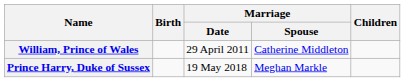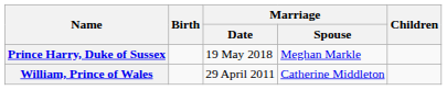 <table class="wikitable plainrowheaders">
 <tr>
 <th rowspan="2" scope="col">Name</th>
 <th rowspan="2" scope="col">Birth</th>
 <th colspan="2" scope="col">Marriage</th>
 <th rowspan="2" scope="col">Children</th>
 </tr>
 <tr>
 <th scope="col">Date</th>
 <th scope="col">Spouse</th>
 </tr>
 <tr>
+<th scope="row"><a href='#'>Prince Harry, Duke of Sussex</a></th>
+<td></td>
+<td>19 May 2018</td>
+<td><a href='#'>Meghan Markle</a></td>
+<td></td>
+</tr>
+<tr>
 <th scope="row"><a href='#'>William, Prince of Wales</a></th>
 <td></td>
 <td>29 April 2011</td>
 <td><a href='#'>Catherine Middleton</a></td>
 <td></td>
 </tr>
-<tr>
-<th scope="row"><a href='#'>Prince Harry, Duke of Sussex</a></th>
-<td></td>
-<td>19 May 2018</td>
-<td><a href='#'>Meghan Markle</a></td>
-<td></td>
-</tr>
 </table>
